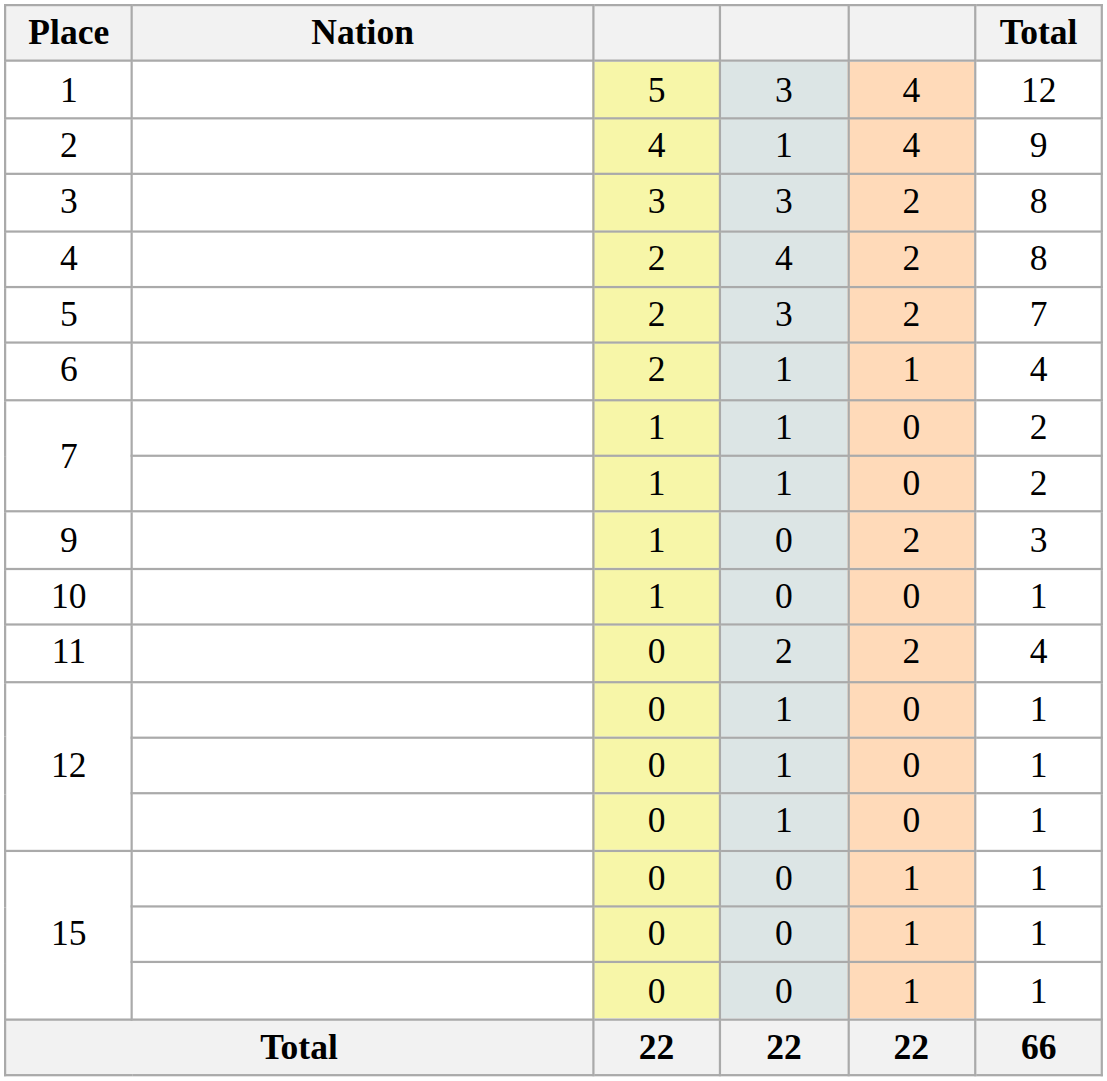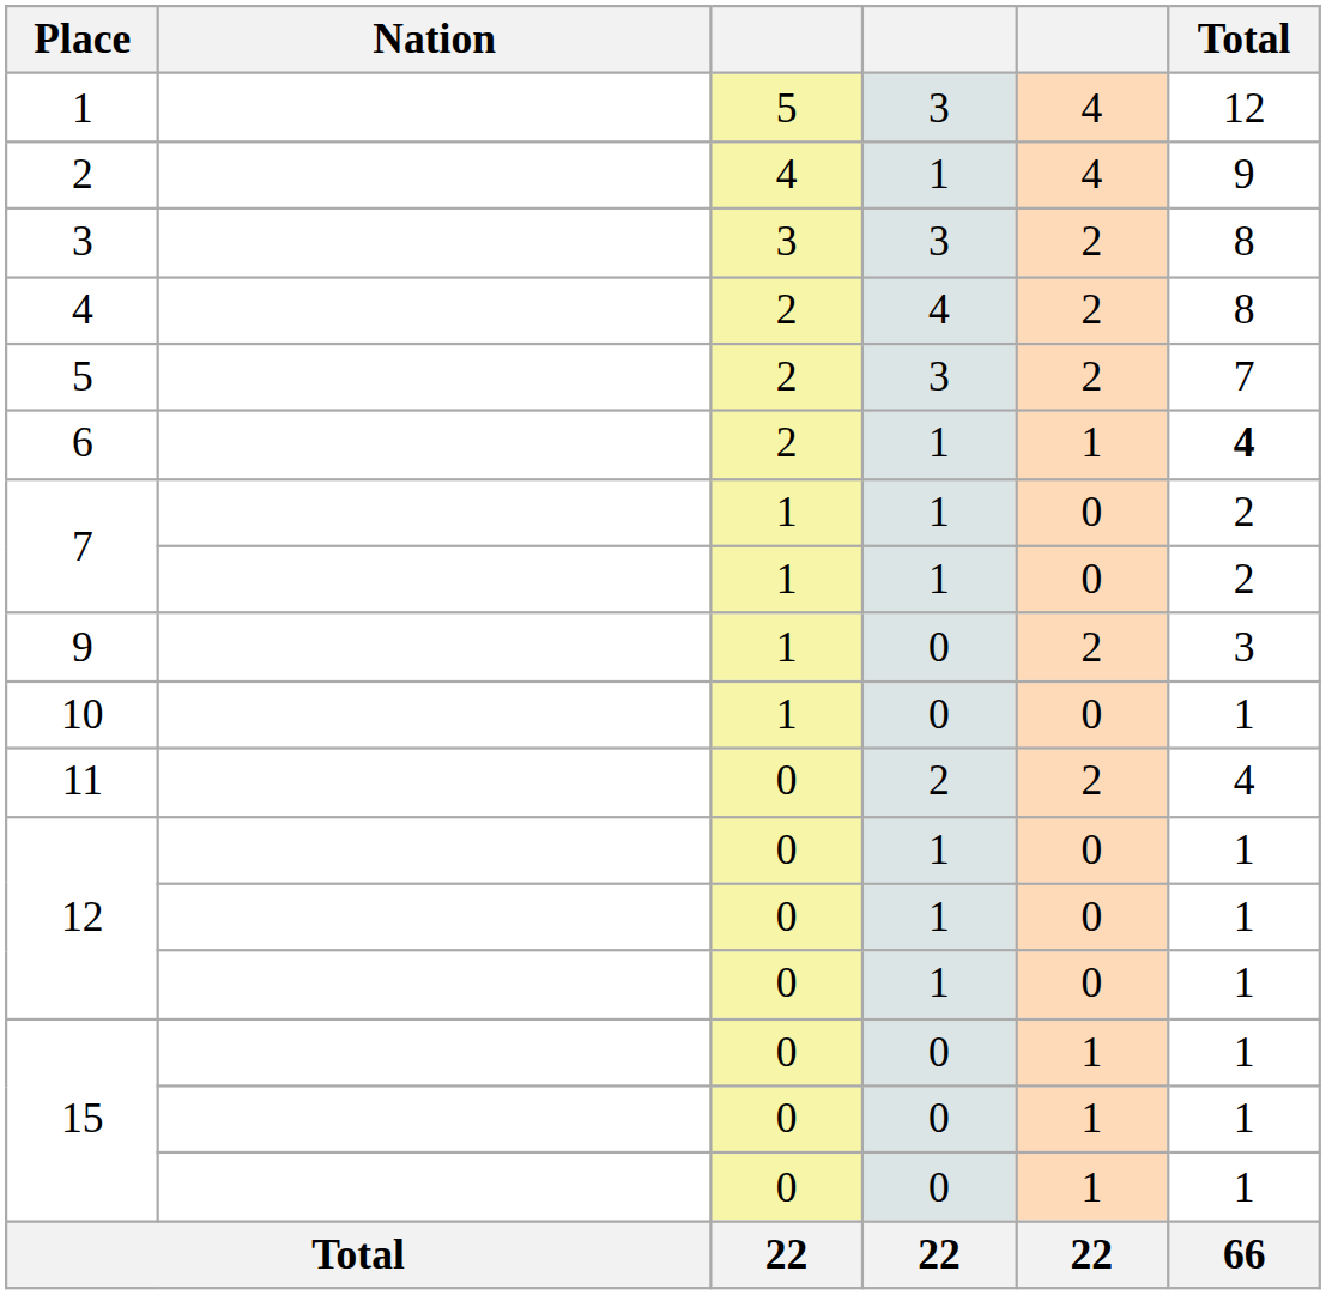 <table class="wikitable" style="border:1px solid #AAAAAA">
 <tr bgcolor="#EFEFEF">
 <th width=50>Place</th>
 <th width=200>Nation</th>
 <th width=50></th>
 <th width=50></th>
 <th width=50></th>
 <th width=50>Total</th>
 </tr>
 <tr align="center" valign="center" bgcolor="#FFFFFF">
 <td>1</td>
 <td align="left"></td>
 <td style="background:#F7F6A8;">5</td>
 <td style="background:#DCE5E5;">3</td>
 <td style="background:#FFDAB9;">4</td>
 <td>12</td>
 </tr>
 <tr align="center" valign="center" bgcolor="#FFFFFF">
 <td>2</td>
 <td align="left"></td>
 <td style="background:#F7F6A8;">4</td>
 <td style="background:#DCE5E5;">1</td>
 <td style="background:#FFDAB9;">4</td>
 <td>9</td>
 </tr>
 <tr align="center" valign="center" bgcolor="#FFFFFF">
 <td>3</td>
 <td align="left"></td>
 <td style="background:#F7F6A8;">3</td>
 <td style="background:#DCE5E5;">3</td>
 <td style="background:#FFDAB9;">2</td>
 <td>8</td>
 </tr>
 <tr align="center" valign="center" bgcolor="#FFFFFF">
 <td>4</td>
 <td align="left"></td>
 <td style="background:#F7F6A8;">2</td>
 <td style="background:#DCE5E5;">4</td>
 <td style="background:#FFDAB9;">2</td>
 <td>8</td>
 </tr>
 <tr align="center" valign="center" bgcolor="#FFFFFF">
 <td>5</td>
 <td align="left"></td>
 <td style="background:#F7F6A8;">2</td>
 <td style="background:#DCE5E5;">3</td>
 <td style="background:#FFDAB9;">2</td>
 <td>7</td>
 </tr>
 <tr align="center" valign="center" bgcolor="#FFFFFF">
 <td>6</td>
 <td align="left"></td>
 <td style="background:#F7F6A8;">2</td>
 <td style="background:#DCE5E5;">1</td>
 <td style="background:#FFDAB9;">1</td>
-<td>4</td>
+<td><strong>4</strong></td>
 </tr>
 <tr align="center" valign="center" bgcolor="#FFFFFF">
 <td rowspan=2>7</td>
 <td align="left"></td>
 <td style="background:#F7F6A8;">1</td>
 <td style="background:#DCE5E5;">1</td>
 <td style="background:#FFDAB9;">0</td>
 <td>2</td>
 </tr>
 <tr align="center" valign="center" bgcolor="#FFFFFF">
 <td align="left"></td>
 <td style="background:#F7F6A8;">1</td>
 <td style="background:#DCE5E5;">1</td>
 <td style="background:#FFDAB9;">0</td>
 <td>2</td>
 </tr>
 <tr align="center" valign="center" bgcolor="#FFFFFF">
 <td>9</td>
 <td align="left"></td>
 <td style="background:#F7F6A8;">1</td>
 <td style="background:#DCE5E5;">0</td>
 <td style="background:#FFDAB9;">2</td>
 <td>3</td>
 </tr>
 <tr align="center" valign="center" bgcolor="#FFFFFF">
 <td>10</td>
 <td align="left"></td>
 <td style="background:#F7F6A8;">1</td>
 <td style="background:#DCE5E5;">0</td>
 <td style="background:#FFDAB9;">0</td>
 <td>1</td>
 </tr>
 <tr align="center" valign="center" bgcolor="#FFFFFF">
 <td>11</td>
 <td align="left"></td>
 <td style="background:#F7F6A8;">0</td>
 <td style="background:#DCE5E5;">2</td>
 <td style="background:#FFDAB9;">2</td>
 <td>4</td>
 </tr>
 <tr align="center" valign="center" bgcolor="#FFFFFF">
 <td rowspan=3>12</td>
 <td align="left"></td>
 <td style="background:#F7F6A8;">0</td>
 <td style="background:#DCE5E5;">1</td>
 <td style="background:#FFDAB9;">0</td>
 <td>1</td>
 </tr>
 <tr align="center" valign="center" bgcolor="#FFFFFF">
 <td align="left"></td>
 <td style="background:#F7F6A8;">0</td>
 <td style="background:#DCE5E5;">1</td>
 <td style="background:#FFDAB9;">0</td>
 <td>1</td>
 </tr>
 <tr align="center" valign="center" bgcolor="#FFFFFF">
 <td align="left"></td>
 <td style="background:#F7F6A8;">0</td>
 <td style="background:#DCE5E5;">1</td>
 <td style="background:#FFDAB9;">0</td>
 <td>1</td>
 </tr>
 <tr align="center" valign="center" bgcolor="#FFFFFF">
 <td rowspan=3>15</td>
 <td align="left"></td>
 <td style="background:#F7F6A8;">0</td>
 <td style="background:#DCE5E5;">0</td>
 <td style="background:#FFDAB9;">1</td>
 <td>1</td>
 </tr>
 <tr align="center" valign="center" bgcolor="#FFFFFF">
 <td align="left"></td>
 <td style="background:#F7F6A8;">0</td>
 <td style="background:#DCE5E5;">0</td>
 <td style="background:#FFDAB9;">1</td>
 <td>1</td>
 </tr>
 <tr align="center" valign="center" bgcolor="#FFFFFF">
 <td align="left"></td>
 <td style="background:#F7F6A8;">0</td>
 <td style="background:#DCE5E5;">0</td>
 <td style="background:#FFDAB9;">1</td>
 <td>1</td>
 </tr>
 <tr bgcolor="#EFEFEF">
 <th colspan=2>Total</th>
 <th>22</th>
 <th>22</th>
 <th>22</th>
 <th>66</th>
 </tr>
 </table>
